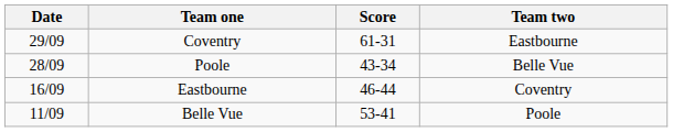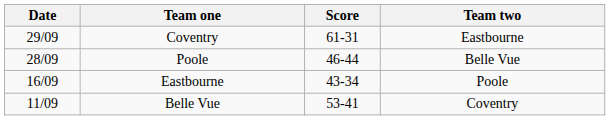 <table class="wikitable" style="text-align: center">
 <tr>
 <th width=80>Date</th>
 <th width=250>Team one</th>
 <th width=80>Score</th>
 <th width=250>Team two</th>
 </tr>
 <tr>
 <td>29/09</td>
 <td>Coventry</td>
 <td>61-31</td>
 <td>Eastbourne</td>
 </tr>
 <tr>
 <td>28/09</td>
 <td>Poole</td>
-<td>43-34</td>
+<td>46-44</td>
 <td>Belle Vue</td>
 </tr>
 <tr>
 <td>16/09</td>
 <td>Eastbourne</td>
-<td>46-44</td>
-<td>Coventry</td>
+<td>43-34</td>
+<td>Poole</td>
 </tr>
 <tr>
 <td>11/09</td>
 <td>Belle Vue</td>
 <td>53-41</td>
-<td>Poole</td>
+<td>Coventry</td>
 </tr>
 </table>
